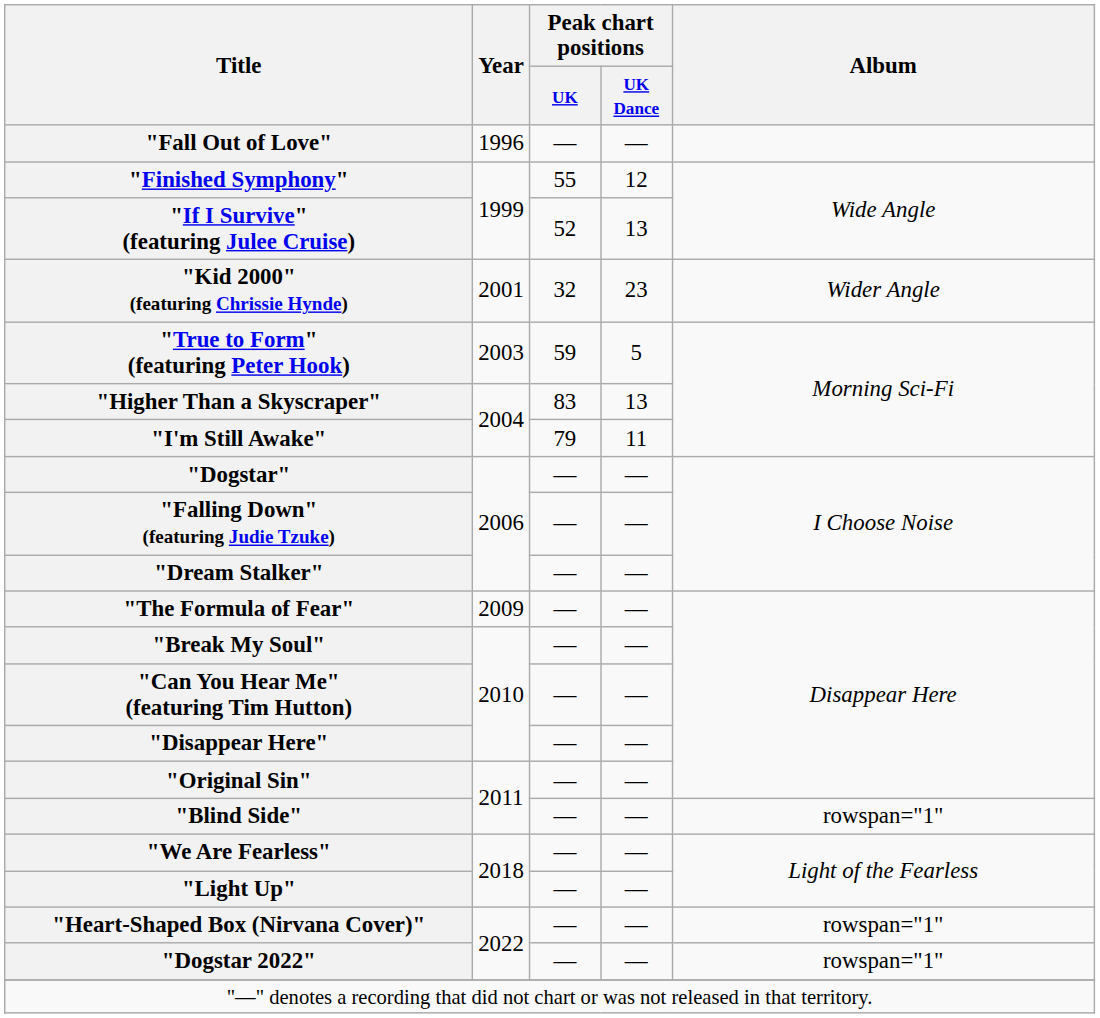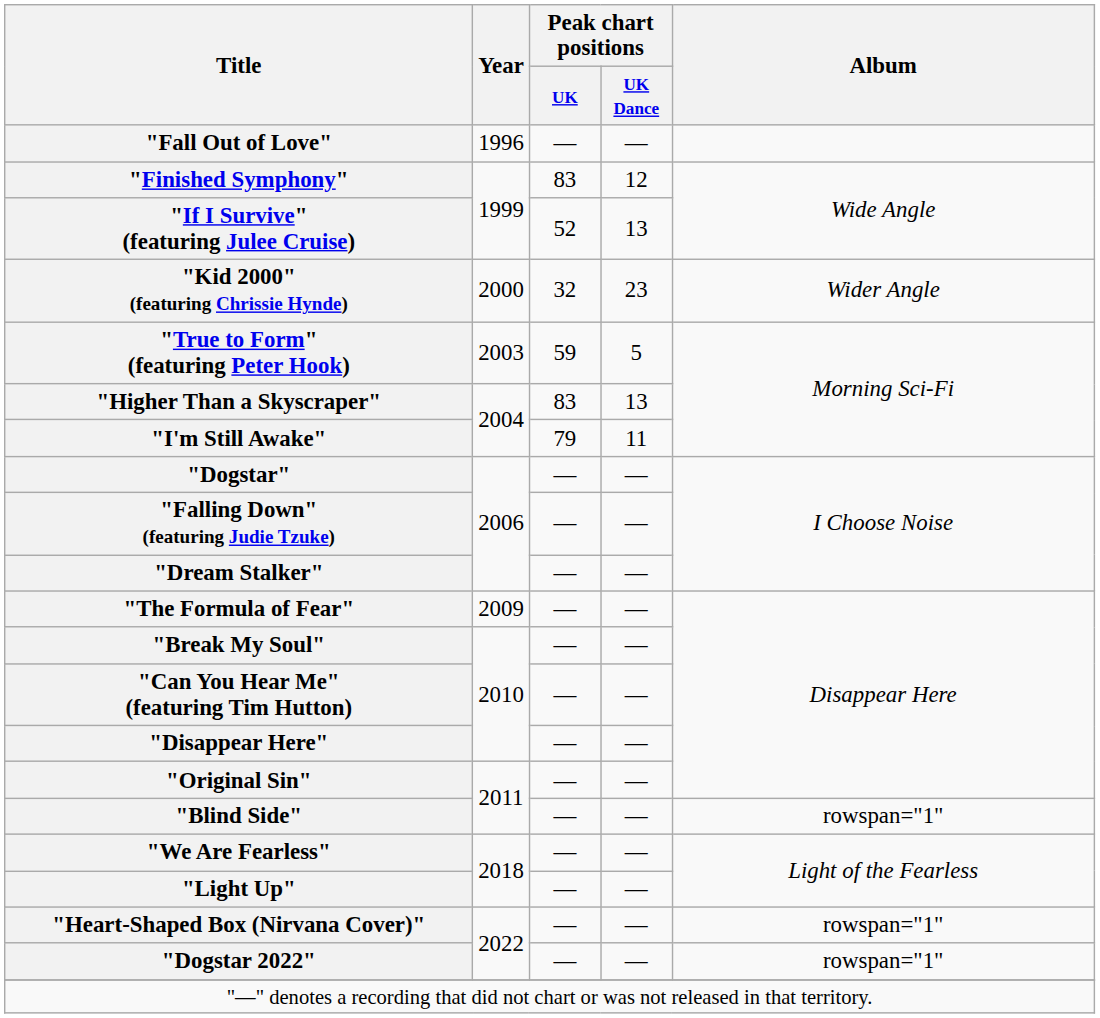 <table class="wikitable plainrowheaders" style="text-align:center;" border="1">
 <tr>
 <th scope="col" rowspan="2" style="width:20em;">Title</th>
 <th scope="col" rowspan="2" style="width:1em;">Year</th>
 <th scope="col" colspan="2">Peak chart positions</th>
 <th scope="col" rowspan="2" style="width:18em;">Album</th>
 </tr>
 <tr>
 <th scope="col" style="width:3em;font-size:90%;"><small><a href='#'>UK</a></small><br></th>
 <th scope="col" style="width:3em;font-size:90%;"><small><a href='#'>UK<br>Dance</a></small><br></th>
 </tr>
 <tr>
 <th scope="row">"Fall Out of Love"</th>
 <td>1996</td>
 <td>—</td>
 <td>—</td>
 <td></td>
 </tr>
 <tr>
 <th scope="row">"<a href='#'>Finished Symphony</a>"</th>
 <td rowspan="2">1999</td>
-<td>55</td>
+<td>83</td>
 <td>12</td>
 <td rowspan="2"><em>Wide Angle</em></td>
 </tr>
 <tr>
 <th scope="row">"<a href='#'>If I Survive</a>" <br><span>(featuring <a href='#'>Julee Cruise</a>)</span></th>
 <td>52</td>
 <td>13</td>
 </tr>
 <tr>
 <th scope="row">"Kid 2000"<br><small>(featuring <a href='#'>Chrissie Hynde</a>)</small></th>
-<td>2001</td>
+<td>2000</td>
 <td>32</td>
 <td>23</td>
 <td><em>Wider Angle</em></td>
 </tr>
 <tr>
 <th scope="row">"<a href='#'>True to Form</a>" <br><span>(featuring <a href='#'>Peter Hook</a>)</span></th>
 <td>2003</td>
 <td>59</td>
 <td>5</td>
 <td rowspan="3"><em>Morning Sci-Fi</em></td>
 </tr>
 <tr>
 <th scope="row">"Higher Than a Skyscraper"</th>
 <td rowspan="2">2004</td>
 <td>83</td>
 <td>13</td>
 </tr>
 <tr>
 <th scope="row">"I'm Still Awake"</th>
 <td>79</td>
 <td>11</td>
 </tr>
 <tr>
 <th scope="row">"Dogstar"</th>
 <td rowspan="3">2006</td>
 <td>—</td>
 <td>—</td>
 <td rowspan="3"><em>I Choose Noise</em></td>
 </tr>
 <tr>
 <th scope="row">"Falling Down"<br><small>(featuring <a href='#'>Judie Tzuke</a>)</small></th>
 <td>—</td>
 <td>—</td>
 </tr>
 <tr>
 <th scope="row">"Dream Stalker"</th>
 <td>—</td>
 <td>—</td>
 </tr>
 <tr>
 <th scope="row">"The Formula of Fear"</th>
 <td>2009</td>
 <td>—</td>
 <td>—</td>
 <td rowspan="5"><em>Disappear Here</em></td>
 </tr>
 <tr>
 <th scope="row">"Break My Soul"</th>
 <td rowspan="3">2010</td>
 <td>—</td>
 <td>—</td>
 </tr>
 <tr>
 <th scope="row">"Can You Hear Me" <br><span>(featuring Tim Hutton)</span></th>
 <td>—</td>
 <td>—</td>
 </tr>
 <tr>
 <th scope="row">"Disappear Here"</th>
 <td>—</td>
 <td>—</td>
 </tr>
 <tr>
 <th scope="row">"Original Sin"</th>
 <td rowspan="2">2011</td>
 <td>—</td>
 <td>—</td>
 </tr>
 <tr>
 <th scope="row">"Blind Side"</th>
 <td>—</td>
 <td>—</td>
 <td>rowspan="1" </td>
 </tr>
 <tr>
 <th scope="row">"We Are Fearless"</th>
 <td rowspan="2">2018</td>
 <td>—</td>
 <td>—</td>
 <td rowspan="2"><em>Light of the Fearless</em></td>
 </tr>
 <tr>
 <th scope="row">"Light Up"</th>
 <td>—</td>
 <td>—</td>
 </tr>
 <tr>
 <th scope="row">"Heart-Shaped Box (Nirvana Cover)"</th>
 <td rowspan="2">2022</td>
 <td>—</td>
 <td>—</td>
 <td>rowspan="1" </td>
 </tr>
 <tr>
 <th scope="row">"Dogstar 2022"</th>
 <td>—</td>
 <td>—</td>
 <td>rowspan="1" </td>
 </tr>
 <tr>
 </tr>
 <tr>
 <td colspan="13" style="font-size:90%">"—" denotes a recording that did not chart or was not released in that territory.</td>
 </tr>
 </table>
